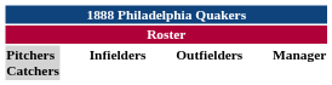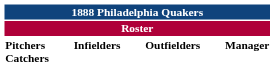 <table class="toccolours" style="font-size: 95%;">
 <tr>
 <th colspan="10" style="background-color: #0f437c; color: white; text-align: center;">1888 Philadelphia Quakers</th>
 </tr>
 <tr>
 <td colspan="10" style="background-color: #af0039; color: white; text-align: center;"><strong>Roster</strong></td>
 </tr>
 <tr>
-<td valign="top" style="background: lightgrey;"><strong>Pitchers</strong><br>     <strong>Catchers</strong>    </td>
+<td valign="top"><strong>Pitchers</strong><br>     <strong>Catchers</strong>    </td>
 <td width="25px"></td>
 <td valign="top"><strong>Infielders</strong><br>       </td>
 <td width="25px"></td>
 <td valign="top"><strong>Outfielders</strong><br>   </td>
 <td width="25px"></td>
 <td valign="top"><strong>Manager</strong><br></td>
 </tr>
 </table>
